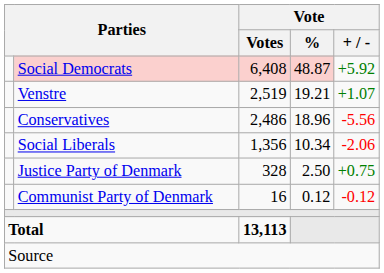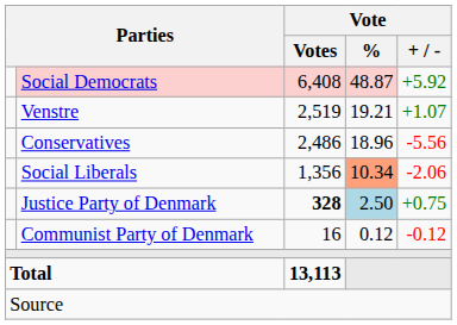 <table class="wikitable" style="text-align:right;">
 <tr>
 <th style="text-align:centre;" rowspan="2" colspan="2" width="225">Parties</th>
 <th colspan="3">Vote</th>
 </tr>
 <tr>
 <th width="15">Votes</th>
 <th width="15">%</th>
 <th width="15">+ / -</th>
 </tr>
 <tr>
 <td width="2" style="color:inherit;background:"></td>
 <td bgcolor=#fbd0ce  align="left"><a href='#'>Social Democrats</a></td>
 <td bgcolor=#fbd0ce>6,408</td>
 <td bgcolor=#fbd0ce>48.87</td>
 <td style=color:green;>+5.92</td>
 </tr>
 <tr>
 <td width="2" style="color:inherit;background:"></td>
 <td align="left"><a href='#'>Venstre</a></td>
 <td>2,519</td>
 <td>19.21</td>
 <td style=color:green;>+1.07</td>
 </tr>
 <tr>
 <td width="2" style="color:inherit;background:"></td>
 <td align="left"><a href='#'>Conservatives</a></td>
 <td>2,486</td>
 <td>18.96</td>
 <td style=color:red;>-5.56</td>
 </tr>
 <tr>
 <td width="2" style="color:inherit;background:"></td>
 <td align="left"><a href='#'>Social Liberals</a></td>
 <td>1,356</td>
-<td>10.34</td>
+<td style="background: lightsalmon;">10.34</td>
 <td style=color:red;>-2.06</td>
 </tr>
 <tr>
 <td width="2" style="color:inherit;background:"></td>
 <td align="left"><a href='#'>Justice Party of Denmark</a></td>
-<td>328</td>
-<td>2.50</td>
+<td><strong>328</strong></td>
+<td style="background: lightblue;">2.50</td>
 <td style=color:green;>+0.75</td>
 </tr>
 <tr>
 <td width="2" style="color:inherit;background:"></td>
 <td align="left"><a href='#'>Communist Party of Denmark</a></td>
 <td>16</td>
 <td>0.12</td>
 <td style=color:red;>-0.12</td>
 </tr>
 <tr>
 <td colspan="7" bgcolor="#E9E9E9"></td>
 </tr>
 <tr>
 <td align="left" colspan="2"><strong>Total</strong></td>
 <td><strong>13,113</strong></td>
 <td bgcolor="#E9E9E9" colspan="2"></td>
 </tr>
 <tr>
 <td align="left" colspan="6">Source</td>
 </tr>
 </table>
